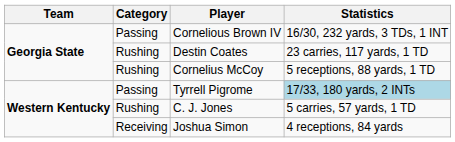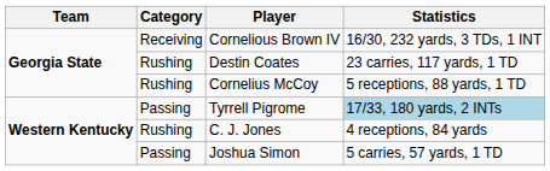 <table class="wikitable" style="float: left;">
 <tr>
 <th>Team</th>
 <th>Category</th>
 <th>Player</th>
 <th>Statistics</th>
 </tr>
 <tr>
 <td rowspan=3><strong>Georgia State</strong></td>
-<td>Passing</td>
+<td>Receiving</td>
 <td>Cornelious Brown IV</td>
 <td>16/30, 232 yards, 3 TDs, 1 INT</td>
 </tr>
 <tr>
 <td>Rushing</td>
 <td>Destin Coates</td>
 <td>23 carries, 117 yards, 1 TD</td>
 </tr>
 <tr>
 <td>Rushing</td>
 <td>Cornelius McCoy</td>
 <td>5 receptions, 88 yards, 1 TD</td>
 </tr>
 <tr>
 <td rowspan=3><strong>Western Kentucky</strong></td>
 <td>Passing</td>
 <td>Tyrrell Pigrome</td>
 <td style="background: lightblue;">17/33, 180 yards, 2 INTs</td>
 </tr>
 <tr>
 <td>Rushing</td>
 <td>C. J. Jones</td>
+<td>4 receptions, 84 yards</td>
+</tr>
+<tr>
+<td>Passing</td>
+<td>Joshua Simon</td>
 <td>5 carries, 57 yards, 1 TD</td>
 </tr>
-<tr>
-<td>Receiving</td>
-<td>Joshua Simon</td>
-<td>4 receptions, 84 yards</td>
-</tr>
 </table>
